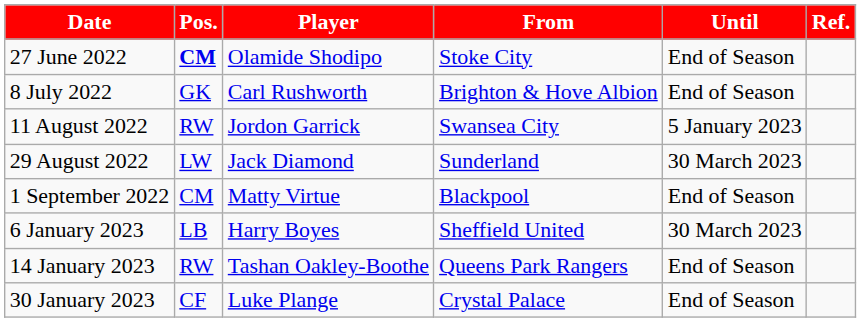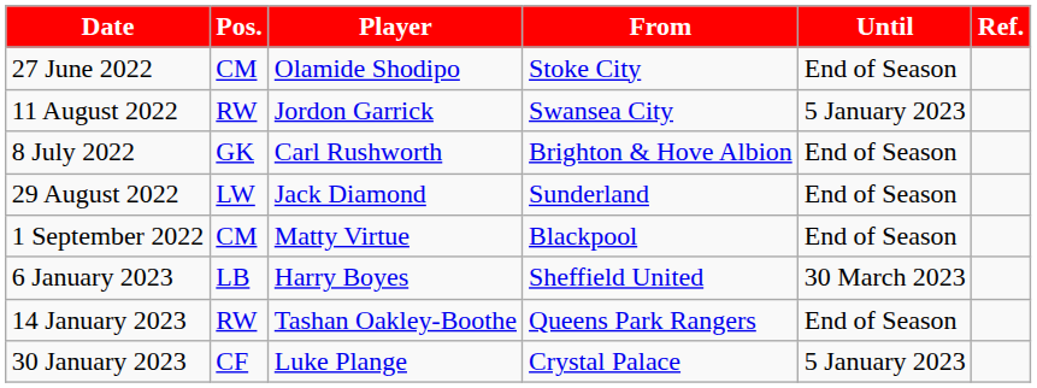 <table class="wikitable plainrowheaders sortable">
 <tr>
 <th style="background:#FF0000; color:#ffffff; ">Date</th>
 <th style="background:#FF0000; color:#ffffff; ">Pos.</th>
 <th style="background:#FF0000; color:#ffffff; ">Player</th>
 <th style="background:#FF0000; color:#ffffff; ">From</th>
 <th style="background:#FF0000; color:#ffffff; ">Until</th>
 <th style="background:#FF0000; color:#ffffff; ">Ref.</th>
 </tr>
 <tr>
 <td>27 June 2022</td>
-<td><strong><a href='#'>CM</a></strong></td>
+<td><a href='#'>CM</a></td>
 <td> <a href='#'>Olamide Shodipo</a></td>
 <td> <a href='#'>Stoke City</a></td>
-<td>End of Season</td>
-<td></td>
-</tr>
-<tr>
-<td>8 July 2022</td>
-<td><a href='#'>GK</a></td>
-<td> <a href='#'>Carl Rushworth</a></td>
-<td> <a href='#'>Brighton & Hove Albion</a></td>
 <td>End of Season</td>
 <td></td>
 </tr>
 <tr>
 <td>11 August 2022</td>
 <td><a href='#'>RW</a></td>
 <td> <a href='#'>Jordon Garrick</a></td>
 <td> <a href='#'>Swansea City</a></td>
 <td>5 January 2023</td>
 <td></td>
 </tr>
 <tr>
+<td>8 July 2022</td>
+<td><a href='#'>GK</a></td>
+<td> <a href='#'>Carl Rushworth</a></td>
+<td> <a href='#'>Brighton & Hove Albion</a></td>
+<td>End of Season</td>
+<td></td>
+</tr>
+<tr>
 <td>29 August 2022</td>
 <td><a href='#'>LW</a></td>
 <td> <a href='#'>Jack Diamond</a></td>
 <td> <a href='#'>Sunderland</a></td>
-<td>30 March 2023</td>
+<td>End of Season</td>
 <td></td>
 </tr>
 <tr>
 <td>1 September 2022</td>
 <td><a href='#'>CM</a></td>
 <td> <a href='#'>Matty Virtue</a></td>
 <td> <a href='#'>Blackpool</a></td>
 <td>End of Season</td>
 <td></td>
 </tr>
 <tr>
 <td>6 January 2023</td>
 <td><a href='#'>LB</a></td>
 <td> <a href='#'>Harry Boyes</a></td>
 <td> <a href='#'>Sheffield United</a></td>
 <td>30 March 2023</td>
 <td></td>
 </tr>
 <tr>
 <td>14 January 2023</td>
 <td><a href='#'>RW</a></td>
 <td> <a href='#'>Tashan Oakley-Boothe</a></td>
 <td> <a href='#'>Queens Park Rangers</a></td>
 <td>End of Season</td>
 <td></td>
 </tr>
 <tr>
 <td>30 January 2023</td>
 <td><a href='#'>CF</a></td>
 <td> <a href='#'>Luke Plange</a></td>
 <td> <a href='#'>Crystal Palace</a></td>
-<td>End of Season</td>
+<td>5 January 2023</td>
 <td></td>
 </tr>
 </table>
